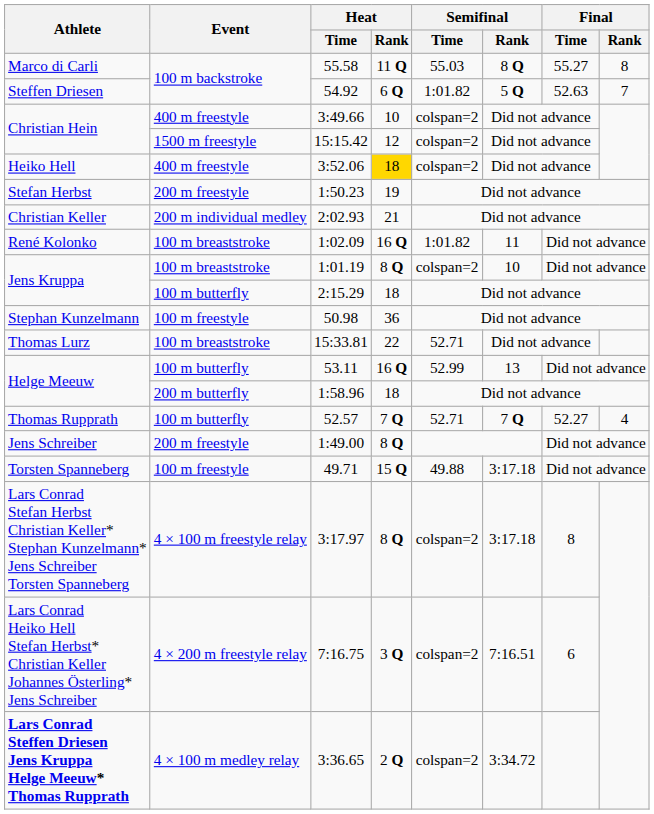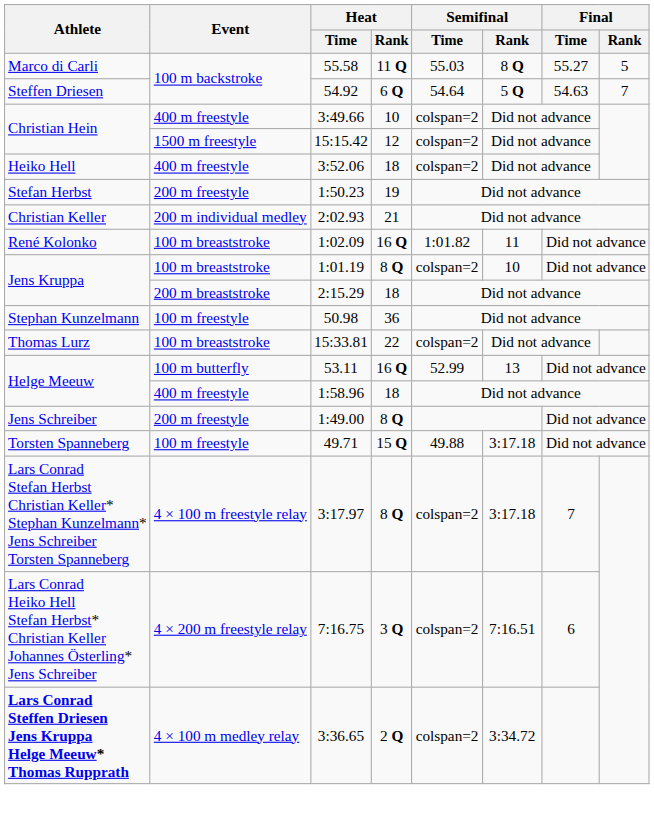 <table class=wikitable style="font-size:90%">
 <tr>
 <th rowspan="2">Athlete</th>
 <th rowspan="2">Event</th>
 <th colspan="2">Heat</th>
 <th colspan="2">Semifinal</th>
 <th colspan="2">Final</th>
 </tr>
 <tr style="font-size:95%">
 <th>Time</th>
 <th>Rank</th>
 <th>Time</th>
 <th>Rank</th>
 <th>Time</th>
 <th>Rank</th>
 </tr>
 <tr align=center>
 <td align=left><a href='#'>Marco di Carli</a></td>
 <td align=left rowspan=2><a href='#'>100 m backstroke</a></td>
 <td>55.58</td>
 <td>11 <strong>Q</strong></td>
 <td>55.03</td>
 <td>8 <strong>Q</strong></td>
 <td>55.27</td>
-<td>8</td>
+<td>5</td>
 </tr>
 <tr align=center>
 <td align=left><a href='#'>Steffen Driesen</a></td>
 <td>54.92</td>
 <td>6 <strong>Q</strong></td>
-<td>1:01.82</td>
+<td>54.64</td>
 <td>5 <strong>Q</strong></td>
-<td>52.63</td>
+<td>54.63</td>
 <td>7</td>
 </tr>
 <tr align=center>
 <td align=left rowspan=2><a href='#'>Christian Hein</a></td>
 <td align=left><a href='#'>400 m freestyle</a></td>
 <td>3:49.66</td>
 <td>10</td>
 <td>colspan=2 </td>
 <td colspan=2>Did not advance</td>
 </tr>
 <tr align=center>
 <td align=left><a href='#'>1500 m freestyle</a></td>
 <td>15:15.42</td>
 <td>12</td>
 <td>colspan=2 </td>
 <td colspan=2>Did not advance</td>
 </tr>
 <tr align=center>
 <td align=left><a href='#'>Heiko Hell</a></td>
 <td align=left><a href='#'>400 m freestyle</a></td>
 <td>3:52.06</td>
-<td style="background: gold;">18</td>
+<td>18</td>
 <td>colspan=2 </td>
 <td colspan=2>Did not advance</td>
 </tr>
 <tr align=center>
 <td align=left><a href='#'>Stefan Herbst</a></td>
 <td align=left><a href='#'>200 m freestyle</a></td>
 <td>1:50.23</td>
 <td>19</td>
 <td colspan=4>Did not advance</td>
 </tr>
 <tr align=center>
 <td align=left><a href='#'>Christian Keller</a></td>
 <td align=left><a href='#'>200 m individual medley</a></td>
 <td>2:02.93</td>
 <td>21</td>
 <td colspan=4>Did not advance</td>
 </tr>
 <tr align=center>
 <td align=left><a href='#'>René Kolonko</a></td>
 <td align=left><a href='#'>100 m breaststroke</a></td>
 <td>1:02.09</td>
 <td>16 <strong>Q</strong></td>
 <td>1:01.82</td>
 <td>11</td>
 <td colspan=2>Did not advance</td>
 </tr>
 <tr align=center>
 <td align=left rowspan=2><a href='#'>Jens Kruppa</a></td>
 <td align=left><a href='#'>100 m breaststroke</a></td>
 <td>1:01.19</td>
 <td>8 <strong>Q</strong></td>
 <td>colspan=2 </td>
 <td>10</td>
 <td colspan=2>Did not advance</td>
 </tr>
 <tr align=center>
-<td align=left><a href='#'>100 m butterfly</a></td>
+<td align=left><a href='#'>200 m breaststroke</a></td>
 <td>2:15.29</td>
 <td>18</td>
 <td colspan=4>Did not advance</td>
 </tr>
 <tr align=center>
 <td align=left><a href='#'>Stephan Kunzelmann</a></td>
 <td align=left><a href='#'>100 m freestyle</a></td>
 <td>50.98</td>
 <td>36</td>
 <td colspan=4>Did not advance</td>
 </tr>
 <tr align=center>
 <td align=left><a href='#'>Thomas Lurz</a></td>
 <td align=left><a href='#'>100 m breaststroke</a></td>
 <td>15:33.81</td>
 <td>22</td>
-<td>52.71</td>
+<td>colspan=2 </td>
 <td colspan=2>Did not advance</td>
 </tr>
 <tr align=center>
 <td align=left rowspan=2><a href='#'>Helge Meeuw</a></td>
 <td align=left><a href='#'>100 m butterfly</a></td>
 <td>53.11</td>
 <td>16 <strong>Q</strong></td>
 <td>52.99</td>
 <td>13</td>
 <td colspan=2>Did not advance</td>
 </tr>
 <tr align=center>
-<td align=left><a href='#'>200 m butterfly</a></td>
+<td align=left><a href='#'>400 m freestyle</a></td>
 <td>1:58.96</td>
 <td>18</td>
 <td colspan=4>Did not advance</td>
-</tr>
-<tr align=center>
-<td align=left><a href='#'>Thomas Rupprath</a></td>
-<td align=left><a href='#'>100 m butterfly</a></td>
-<td>52.57</td>
-<td>7 <strong>Q</strong></td>
-<td>52.71</td>
-<td>7 <strong>Q</strong></td>
-<td>52.27</td>
-<td>4</td>
 </tr>
 <tr align=center>
 <td align=left><a href='#'>Jens Schreiber</a></td>
 <td align=left><a href='#'>200 m freestyle</a></td>
 <td>1:49.00</td>
 <td>8 <strong>Q</strong></td>
 <td colspan=2></td>
 <td colspan=2>Did not advance</td>
 </tr>
 <tr align=center>
 <td align=left><a href='#'>Torsten Spanneberg</a></td>
 <td align=left><a href='#'>100 m freestyle</a></td>
 <td>49.71</td>
 <td>15 <strong>Q</strong></td>
 <td>49.88</td>
 <td>3:17.18</td>
 <td colspan=2>Did not advance</td>
 </tr>
 <tr align=center>
 <td align=left><a href='#'>Lars Conrad</a><br><a href='#'>Stefan Herbst</a><br><a href='#'>Christian Keller</a>*<br><a href='#'>Stephan Kunzelmann</a>*<br><a href='#'>Jens Schreiber</a><br><a href='#'>Torsten Spanneberg</a></td>
 <td align=left><a href='#'>4 × 100 m freestyle relay</a></td>
 <td>3:17.97</td>
 <td>8 <strong>Q</strong></td>
 <td>colspan=2 </td>
 <td>3:17.18</td>
-<td>8</td>
+<td>7</td>
 </tr>
 <tr align=center>
 <td align=left><a href='#'>Lars Conrad</a><br><a href='#'>Heiko Hell</a><br><a href='#'>Stefan Herbst</a>*<br><a href='#'>Christian Keller</a><br><a href='#'>Johannes Österling</a>*<br><a href='#'>Jens Schreiber</a></td>
 <td align=left><a href='#'>4 × 200 m freestyle relay</a></td>
 <td>7:16.75</td>
 <td>3 <strong>Q</strong></td>
 <td>colspan=2 </td>
 <td>7:16.51</td>
 <td>6</td>
 </tr>
 <tr align=center>
 <td align=left><strong><a href='#'>Lars Conrad</a><br><a href='#'>Steffen Driesen</a><br><a href='#'>Jens Kruppa</a><br><a href='#'>Helge Meeuw</a>*<br><a href='#'>Thomas Rupprath</a></strong></td>
 <td align=left><a href='#'>4 × 100 m medley relay</a></td>
 <td>3:36.65</td>
 <td>2 <strong>Q</strong></td>
 <td>colspan=2 </td>
 <td>3:34.72</td>
 <td></td>
 </tr>
 </table>
